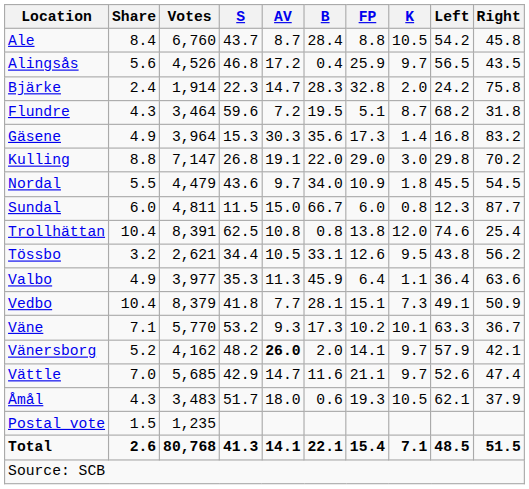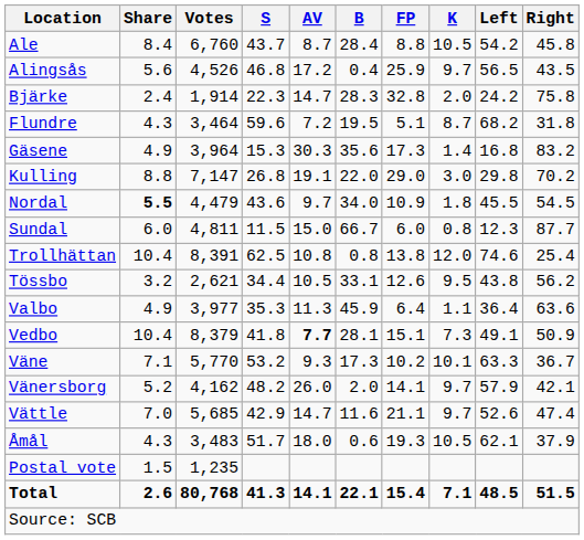 <table class="wikitable sortable" style=text-align:right>
 <tr>
 <th>Location</th>
 <th>Share</th>
 <th>Votes</th>
 <th><a href='#'>S</a></th>
 <th><a href='#'>AV</a></th>
 <th><a href='#'>B</a></th>
 <th><a href='#'>FP</a></th>
 <th><a href='#'>K</a></th>
 <th>Left</th>
 <th>Right</th>
 </tr>
 <tr>
 <td align=left><a href='#'>Ale</a></td>
 <td>8.4</td>
 <td>6,760</td>
 <td>43.7</td>
 <td>8.7</td>
 <td>28.4</td>
 <td>8.8</td>
 <td>10.5</td>
 <td>54.2</td>
 <td>45.8</td>
 </tr>
 <tr>
 <td align=left><a href='#'>Alingsås</a></td>
 <td>5.6</td>
 <td>4,526</td>
 <td>46.8</td>
 <td>17.2</td>
 <td>0.4</td>
 <td>25.9</td>
 <td>9.7</td>
 <td>56.5</td>
 <td>43.5</td>
 </tr>
 <tr>
 <td align=left><a href='#'>Bjärke</a></td>
 <td>2.4</td>
 <td>1,914</td>
 <td>22.3</td>
 <td>14.7</td>
 <td>28.3</td>
 <td>32.8</td>
 <td>2.0</td>
 <td>24.2</td>
 <td>75.8</td>
 </tr>
 <tr>
 <td align=left><a href='#'>Flundre</a></td>
 <td>4.3</td>
 <td>3,464</td>
 <td>59.6</td>
 <td>7.2</td>
 <td>19.5</td>
 <td>5.1</td>
 <td>8.7</td>
 <td>68.2</td>
 <td>31.8</td>
 </tr>
 <tr>
 <td align=left><a href='#'>Gäsene</a></td>
 <td>4.9</td>
 <td>3,964</td>
 <td>15.3</td>
 <td>30.3</td>
 <td>35.6</td>
 <td>17.3</td>
 <td>1.4</td>
 <td>16.8</td>
 <td>83.2</td>
 </tr>
 <tr>
 <td align=left><a href='#'>Kulling</a></td>
 <td>8.8</td>
 <td>7,147</td>
 <td>26.8</td>
 <td>19.1</td>
 <td>22.0</td>
 <td>29.0</td>
 <td>3.0</td>
 <td>29.8</td>
 <td>70.2</td>
 </tr>
 <tr>
 <td align=left><a href='#'>Nordal</a></td>
-<td>5.5</td>
+<td><strong>5.5</strong></td>
 <td>4,479</td>
 <td>43.6</td>
 <td>9.7</td>
 <td>34.0</td>
 <td>10.9</td>
 <td>1.8</td>
 <td>45.5</td>
 <td>54.5</td>
 </tr>
 <tr>
 <td align=left><a href='#'>Sundal</a></td>
 <td>6.0</td>
 <td>4,811</td>
 <td>11.5</td>
 <td>15.0</td>
 <td>66.7</td>
 <td>6.0</td>
 <td>0.8</td>
 <td>12.3</td>
 <td>87.7</td>
 </tr>
 <tr>
 <td align=left><a href='#'>Trollhättan</a></td>
 <td>10.4</td>
 <td>8,391</td>
 <td>62.5</td>
 <td>10.8</td>
 <td>0.8</td>
 <td>13.8</td>
 <td>12.0</td>
 <td>74.6</td>
 <td>25.4</td>
 </tr>
 <tr>
 <td align=left><a href='#'>Tössbo</a></td>
 <td>3.2</td>
 <td>2,621</td>
 <td>34.4</td>
 <td>10.5</td>
 <td>33.1</td>
 <td>12.6</td>
 <td>9.5</td>
 <td>43.8</td>
 <td>56.2</td>
 </tr>
 <tr>
 <td align=left><a href='#'>Valbo</a></td>
 <td>4.9</td>
 <td>3,977</td>
 <td>35.3</td>
 <td>11.3</td>
 <td>45.9</td>
 <td>6.4</td>
 <td>1.1</td>
 <td>36.4</td>
 <td>63.6</td>
 </tr>
 <tr>
 <td align=left><a href='#'>Vedbo</a></td>
 <td>10.4</td>
 <td>8,379</td>
 <td>41.8</td>
-<td>7.7</td>
+<td><strong>7.7</strong></td>
 <td>28.1</td>
 <td>15.1</td>
 <td>7.3</td>
 <td>49.1</td>
 <td>50.9</td>
 </tr>
 <tr>
 <td align=left><a href='#'>Väne</a></td>
 <td>7.1</td>
 <td>5,770</td>
 <td>53.2</td>
 <td>9.3</td>
 <td>17.3</td>
 <td>10.2</td>
 <td>10.1</td>
 <td>63.3</td>
 <td>36.7</td>
 </tr>
 <tr>
 <td align=left><a href='#'>Vänersborg</a></td>
 <td>5.2</td>
 <td>4,162</td>
 <td>48.2</td>
-<td><strong>26.0</strong></td>
+<td>26.0</td>
 <td>2.0</td>
 <td>14.1</td>
 <td>9.7</td>
 <td>57.9</td>
 <td>42.1</td>
 </tr>
 <tr>
 <td align=left><a href='#'>Vättle</a></td>
 <td>7.0</td>
 <td>5,685</td>
 <td>42.9</td>
 <td>14.7</td>
 <td>11.6</td>
 <td>21.1</td>
 <td>9.7</td>
 <td>52.6</td>
 <td>47.4</td>
 </tr>
 <tr>
 <td align=left><a href='#'>Åmål</a></td>
 <td>4.3</td>
 <td>3,483</td>
 <td>51.7</td>
 <td>18.0</td>
 <td>0.6</td>
 <td>19.3</td>
 <td>10.5</td>
 <td>62.1</td>
 <td>37.9</td>
 </tr>
 <tr>
 <td align=left><a href='#'>Postal vote</a></td>
 <td>1.5</td>
 <td>1,235</td>
 <td></td>
 <td></td>
 <td></td>
 <td></td>
 <td></td>
 <td></td>
 <td></td>
 </tr>
 <tr>
 <td align=left><strong>Total</strong></td>
 <td><strong>2.6</strong></td>
 <td><strong>80,768</strong></td>
 <td><strong>41.3</strong></td>
 <td><strong>14.1</strong></td>
 <td><strong>22.1</strong></td>
 <td><strong>15.4</strong></td>
 <td><strong>7.1</strong></td>
 <td><strong>48.5</strong></td>
 <td><strong>51.5</strong></td>
 </tr>
 <tr>
 <td align=left colspan=10>Source: SCB </td>
 </tr>
 </table>
